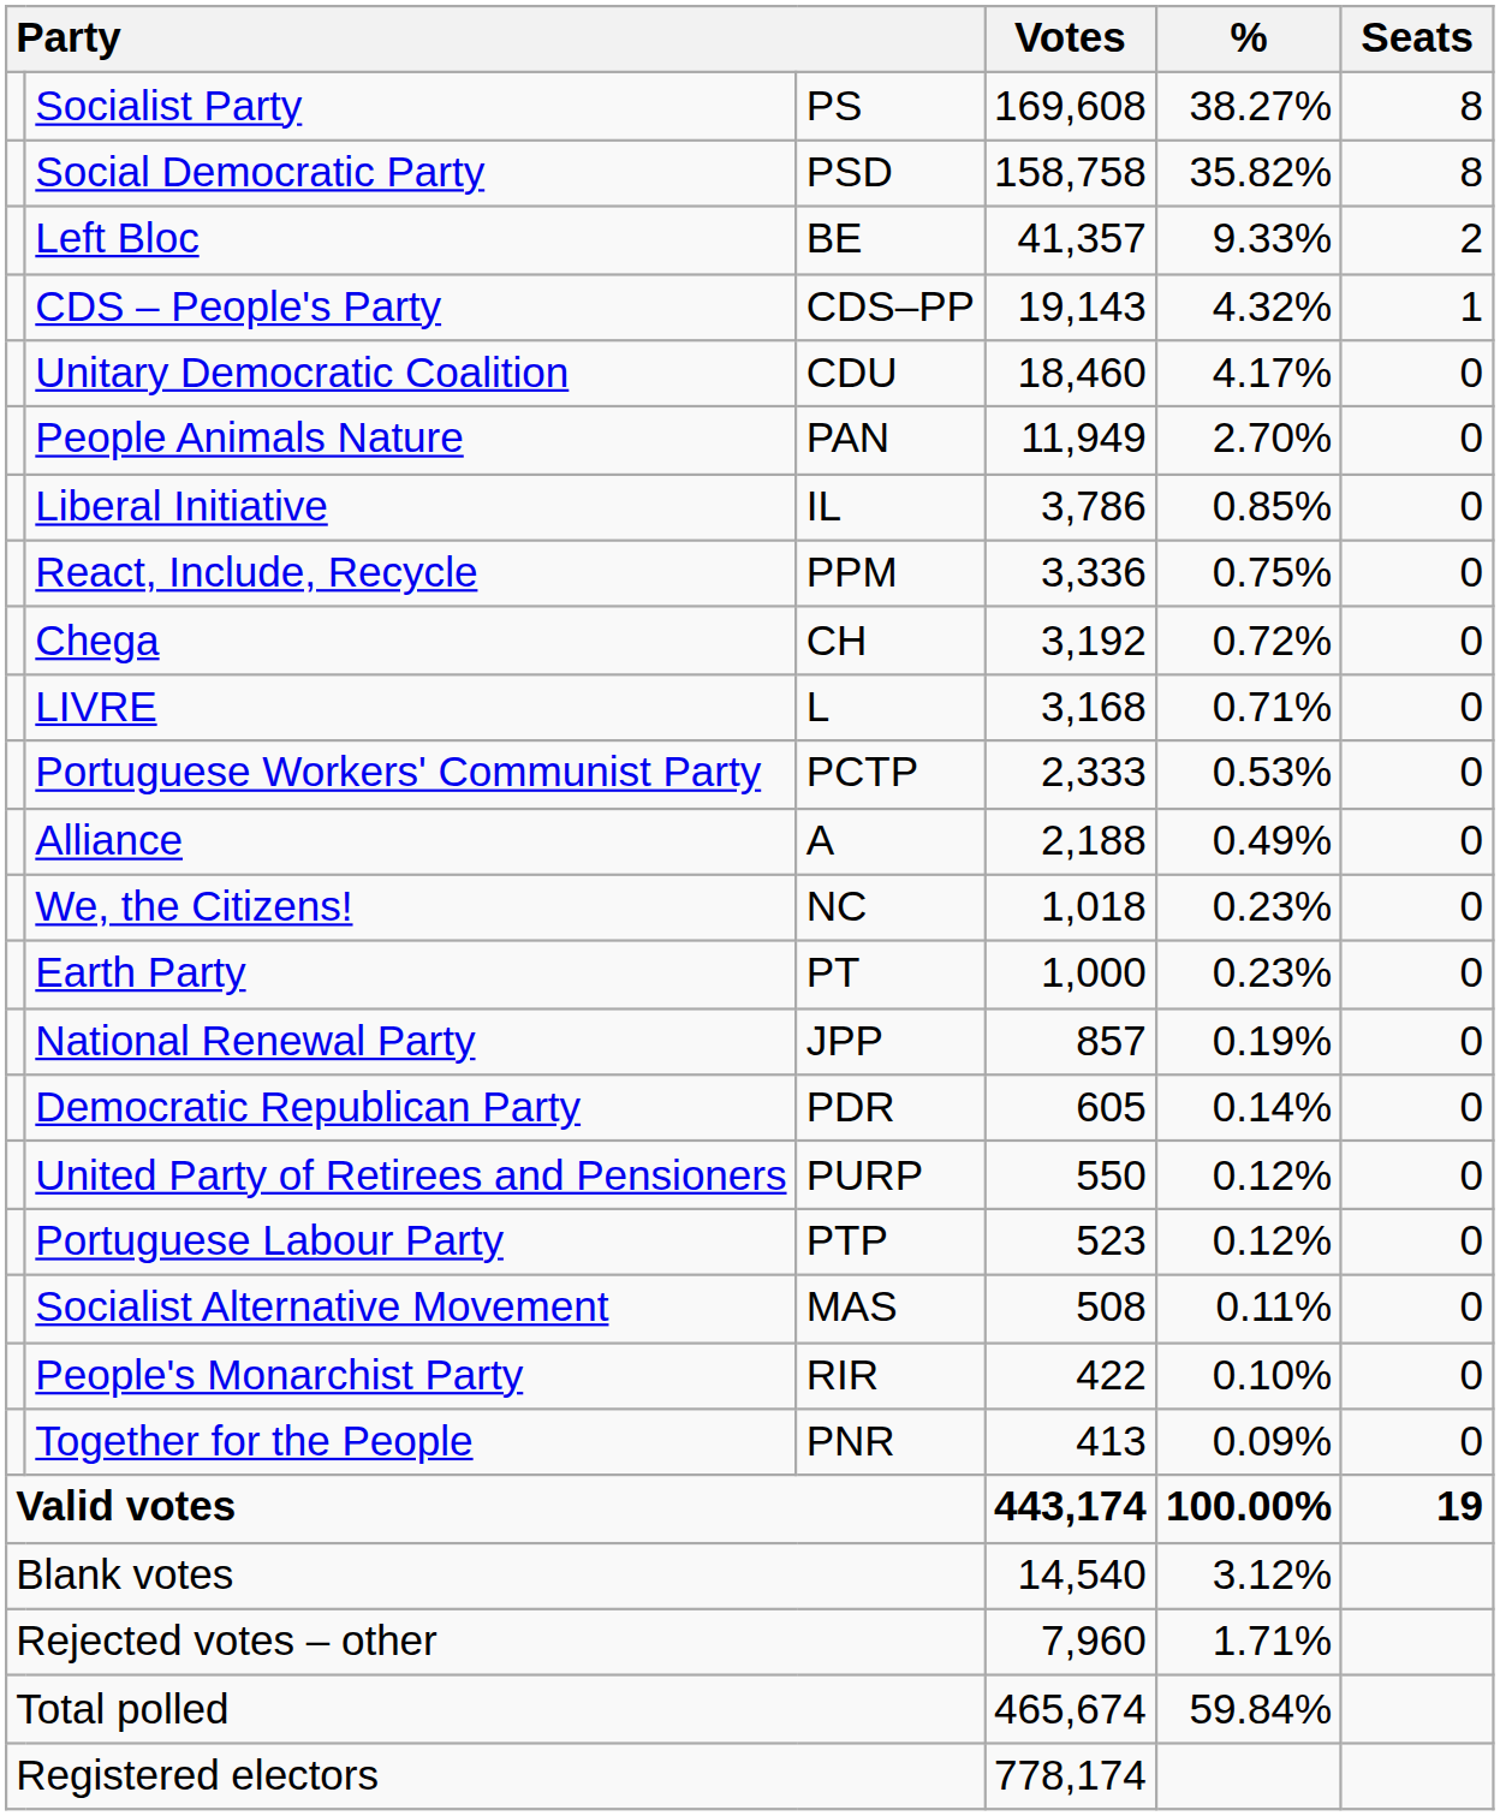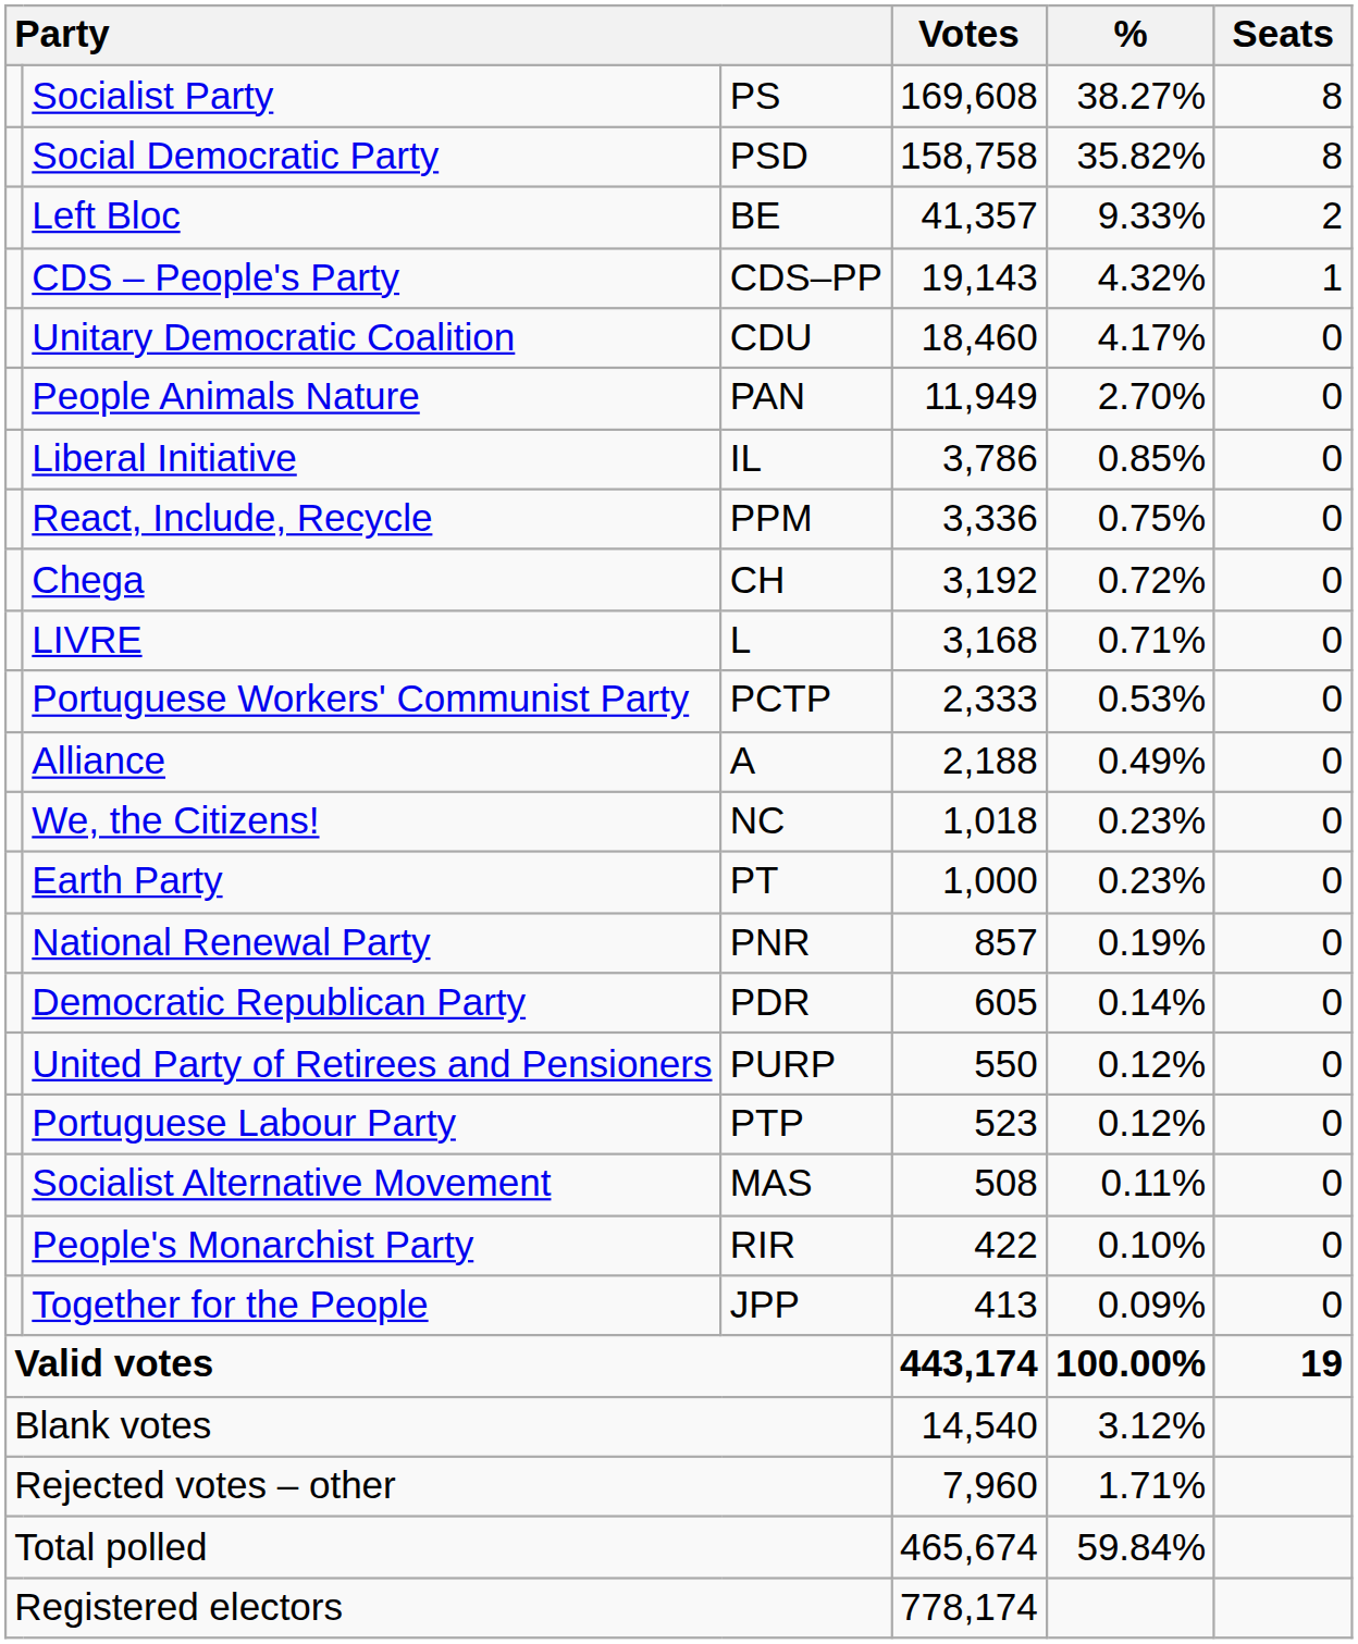 <table class="wikitable" border="1" style="text-align:right;">
 <tr>
 <th style="text-align:left;" colspan=3>Party</th>
 <th align=center width="50">Votes</th>
 <th align=center width="50">%</th>
 <th align=center width="50">Seats</th>
 </tr>
 <tr>
 <td></td>
 <td align=left><a href='#'>Socialist Party</a></td>
 <td align=left>PS</td>
 <td>169,608</td>
 <td>38.27%</td>
 <td>8</td>
 </tr>
 <tr>
 <td></td>
 <td align=left><a href='#'>Social Democratic Party</a></td>
 <td align=left>PSD</td>
 <td>158,758</td>
 <td>35.82%</td>
 <td>8</td>
 </tr>
 <tr>
 <td></td>
 <td align=left><a href='#'>Left Bloc</a></td>
 <td align=left>BE</td>
 <td>41,357</td>
 <td>9.33%</td>
 <td>2</td>
 </tr>
 <tr>
 <td></td>
 <td align=left><a href='#'>CDS – People's Party</a></td>
 <td align=left style="white-space: nowrap;">CDS–PP</td>
 <td>19,143</td>
 <td>4.32%</td>
 <td>1</td>
 </tr>
 <tr>
 <td></td>
 <td align=left style="white-space: nowrap;"><a href='#'>Unitary Democratic Coalition</a></td>
 <td align=left>CDU</td>
 <td>18,460</td>
 <td>4.17%</td>
 <td>0</td>
 </tr>
 <tr>
 <td></td>
 <td align=left><a href='#'>People Animals Nature</a></td>
 <td align=left>PAN</td>
 <td>11,949</td>
 <td>2.70%</td>
 <td>0</td>
 </tr>
 <tr>
 <td></td>
 <td align=left><a href='#'>Liberal Initiative</a></td>
 <td align=left>IL</td>
 <td>3,786</td>
 <td>0.85%</td>
 <td>0</td>
 </tr>
 <tr>
 <td></td>
 <td align=left><a href='#'>React, Include, Recycle</a></td>
 <td align=left>PPM</td>
 <td>3,336</td>
 <td>0.75%</td>
 <td>0</td>
 </tr>
 <tr>
 <td></td>
 <td align=left><a href='#'>Chega</a></td>
 <td align=left>CH</td>
 <td>3,192</td>
 <td>0.72%</td>
 <td>0</td>
 </tr>
 <tr>
 <td></td>
 <td align=left><a href='#'>LIVRE</a></td>
 <td align=left>L</td>
 <td>3,168</td>
 <td>0.71%</td>
 <td>0</td>
 </tr>
 <tr>
 <td></td>
 <td align=left><a href='#'>Portuguese Workers' Communist Party</a></td>
 <td align=left>PCTP</td>
 <td>2,333</td>
 <td>0.53%</td>
 <td>0</td>
 </tr>
 <tr>
 <td></td>
 <td align=left><a href='#'>Alliance</a></td>
 <td align=left>A</td>
 <td>2,188</td>
 <td>0.49%</td>
 <td>0</td>
 </tr>
 <tr>
 <td></td>
 <td align=left><a href='#'>We, the Citizens!</a></td>
 <td align=left>NC</td>
 <td>1,018</td>
 <td>0.23%</td>
 <td>0</td>
 </tr>
 <tr>
 <td></td>
 <td align=left><a href='#'>Earth Party</a></td>
 <td align=left>PT</td>
 <td>1,000</td>
 <td>0.23%</td>
 <td>0</td>
 </tr>
 <tr>
 <td></td>
 <td align=left><a href='#'>National Renewal Party</a></td>
-<td align=left>JPP</td>
+<td align=left>PNR</td>
 <td>857</td>
 <td>0.19%</td>
 <td>0</td>
 </tr>
 <tr>
 <td></td>
 <td align=left><a href='#'>Democratic Republican Party</a></td>
 <td align=left>PDR</td>
 <td>605</td>
 <td>0.14%</td>
 <td>0</td>
 </tr>
 <tr>
 <td></td>
 <td align=left><a href='#'>United Party of Retirees and Pensioners</a></td>
 <td align=left>PURP</td>
 <td>550</td>
 <td>0.12%</td>
 <td>0</td>
 </tr>
 <tr>
 <td></td>
 <td align=left><a href='#'>Portuguese Labour Party</a></td>
 <td align=left>PTP</td>
 <td>523</td>
 <td>0.12%</td>
 <td>0</td>
 </tr>
 <tr>
 <td></td>
 <td align=left><a href='#'>Socialist Alternative Movement</a></td>
 <td align=left>MAS</td>
 <td>508</td>
 <td>0.11%</td>
 <td>0</td>
 </tr>
 <tr>
 <td></td>
 <td align=left><a href='#'>People's Monarchist Party</a></td>
 <td align=left>RIR</td>
 <td>422</td>
 <td>0.10%</td>
 <td>0</td>
 </tr>
 <tr>
 <td></td>
 <td align=left><a href='#'>Together for the People</a></td>
-<td align=left>PNR</td>
+<td align=left>JPP</td>
 <td>413</td>
 <td>0.09%</td>
 <td>0</td>
 </tr>
 <tr style="font-weight:bold">
 <td align=left colspan=3>Valid votes</td>
 <td>443,174</td>
 <td>100.00%</td>
 <td>19</td>
 </tr>
 <tr>
 <td align=left colspan=3>Blank votes</td>
 <td>14,540</td>
 <td>3.12%</td>
 <td></td>
 </tr>
 <tr>
 <td align=left colspan=3>Rejected votes – other</td>
 <td>7,960</td>
 <td>1.71%</td>
 <td></td>
 </tr>
 <tr>
 <td align=left colspan=3>Total polled</td>
 <td>465,674</td>
 <td>59.84%</td>
 <td></td>
 </tr>
 <tr>
 <td align=left colspan=3>Registered electors</td>
 <td>778,174</td>
 <td></td>
 <td></td>
 </tr>
 </table>
